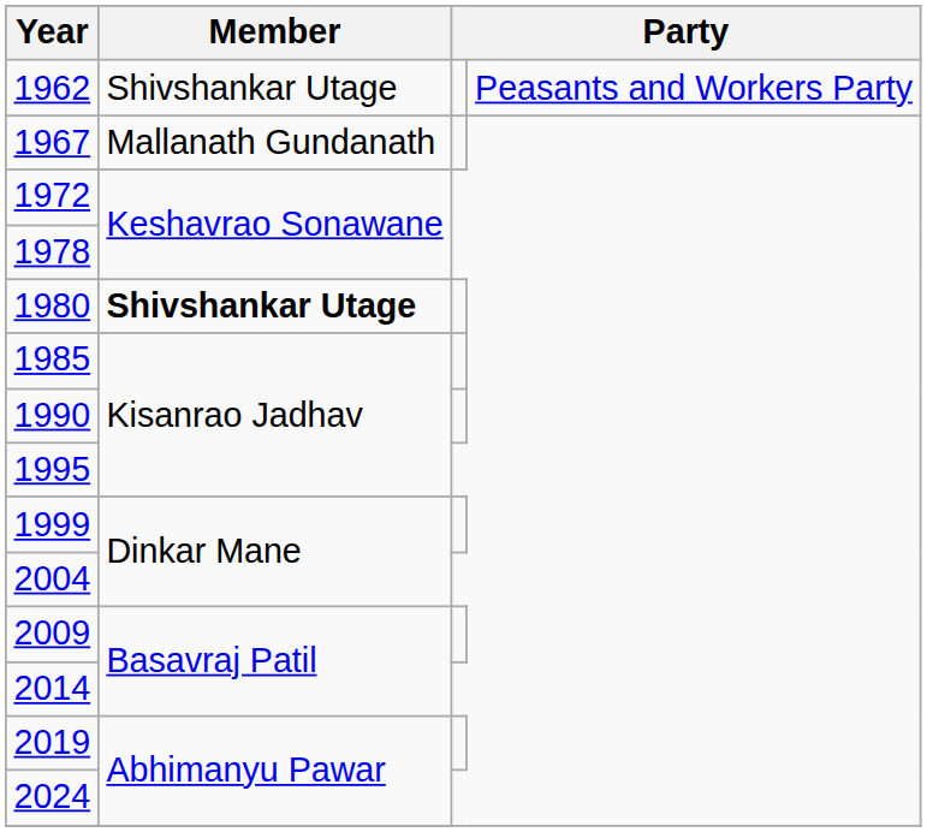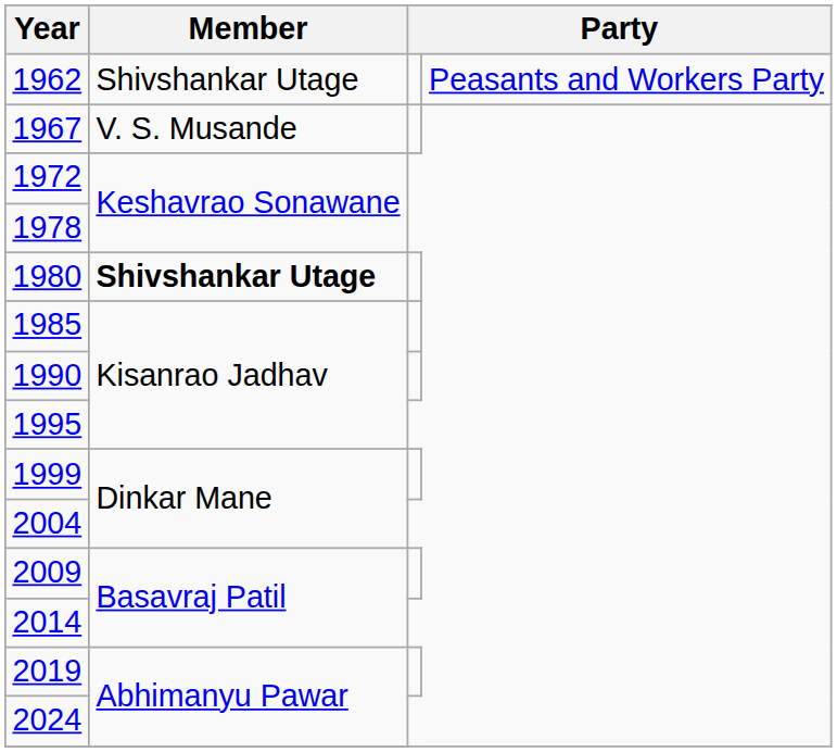 <table class="wikitable">
 <tr>
 <th>Year</th>
 <th>Member</th>
 <th colspan=2>Party</th>
 </tr>
 <tr>
 <td><a href='#'>1962</a></td>
 <td>Shivshankar Utage</td>
 <td style="background-color: "></td>
 <td><a href='#'>Peasants and Workers Party</a></td>
 </tr>
 <tr>
 <td><a href='#'>1967</a></td>
-<td>Mallanath Gundanath</td>
+<td>V. S. Musande</td>
 <td></td>
 </tr>
 <tr>
 <td><a href='#'>1972</a></td>
 <td rowspan=2><a href='#'>Keshavrao Sonawane</a></td>
 </tr>
 <tr>
 <td><a href='#'>1978</a></td>
 </tr>
 <tr>
 <td><a href='#'>1980</a></td>
 <td><strong>Shivshankar Utage</strong></td>
 <td></td>
 </tr>
 <tr>
 <td><a href='#'>1985</a></td>
 <td rowspan=3>Kisanrao Jadhav</td>
 <td></td>
 </tr>
 <tr>
 <td><a href='#'>1990</a></td>
 <td></td>
 </tr>
 <tr>
 <td><a href='#'>1995</a></td>
 </tr>
 <tr>
 <td><a href='#'>1999</a></td>
 <td rowspan=2>Dinkar Mane</td>
 <td></td>
 </tr>
 <tr>
 <td><a href='#'>2004</a></td>
 </tr>
 <tr>
 <td><a href='#'>2009</a></td>
 <td rowspan=2><a href='#'>Basavraj Patil</a></td>
 <td></td>
 </tr>
 <tr>
 <td><a href='#'>2014</a></td>
 </tr>
 <tr>
 <td><a href='#'>2019</a></td>
 <td rowspan=2><a href='#'>Abhimanyu Pawar</a></td>
 <td></td>
 </tr>
 <tr>
 <td><a href='#'>2024</a></td>
 </tr>
 <tr>
 </tr>
 </table>
